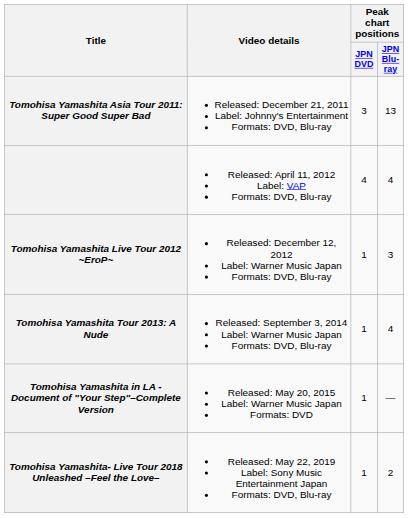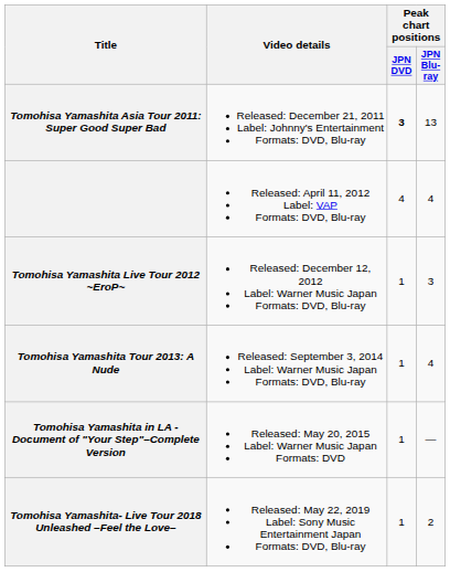 <table class="wikitable plainrowheaders" style="text-align:center;">
 <tr>
 <th rowspan="2" scope="col" style="width:18em;">Title</th>
 <th rowspan="2" scope="col" style="width:16em;">Video details</th>
 <th colspan="2">Peak chart positions</th>
 </tr>
 <tr>
 <th scope="col" style="width:2.5em;font-size:90%;"><a href='#'>JPN<br>DVD</a><br></th>
 <th scope="col" style="width:2.5em;font-size:90%;"><a href='#'>JPN<br>Blu-ray</a><br></th>
 </tr>
 <tr>
 <th scope="row"><em>Tomohisa Yamashita Asia Tour 2011: Super Good Super Bad</em></th>
 <td><br><ul><li>Released: December 21, 2011</li><li>Label: Johnny's Entertainment</li><li>Formats: DVD, Blu-ray</li></ul></td>
-<td>3</td>
+<td><strong>3</strong></td>
 <td>13</td>
 </tr>
 <tr>
 <th scope="row"></th>
 <td><br><ul><li>Released: April 11, 2012</li><li>Label: <a href='#'>VAP</a></li><li>Formats: DVD, Blu-ray</li></ul></td>
 <td>4</td>
 <td>4</td>
 </tr>
 <tr>
 <th scope="row"><em>Tomohisa Yamashita Live Tour 2012 ~EroP~</em></th>
 <td><br><ul><li>Released: December 12, 2012</li><li>Label: Warner Music Japan</li><li>Formats: DVD, Blu-ray</li></ul></td>
 <td>1</td>
 <td>3</td>
 </tr>
 <tr>
 <th scope="row"><em>Tomohisa Yamashita Tour 2013: A Nude</em></th>
 <td><br><ul><li>Released: September 3, 2014</li><li>Label: Warner Music Japan</li><li>Formats: DVD, Blu-ray</li></ul></td>
 <td>1</td>
 <td>4</td>
 </tr>
 <tr>
 <th scope="row"><em>Tomohisa Yamashita in LA -Document of "Your Step"–Complete Version</em></th>
 <td><br><ul><li>Released: May 20, 2015</li><li>Label: Warner Music Japan</li><li>Formats: DVD</li></ul></td>
 <td>1</td>
 <td>—</td>
 </tr>
 <tr>
 <th scope="row"><em>Tomohisa Yamashita- Live Tour 2018 Unleashed –Feel the Love–</em></th>
 <td><br><ul><li>Released: May 22, 2019</li><li>Label: Sony Music Entertainment Japan</li><li>Formats: DVD, Blu-ray</li></ul></td>
 <td>1</td>
 <td>2</td>
 </tr>
 </table>
